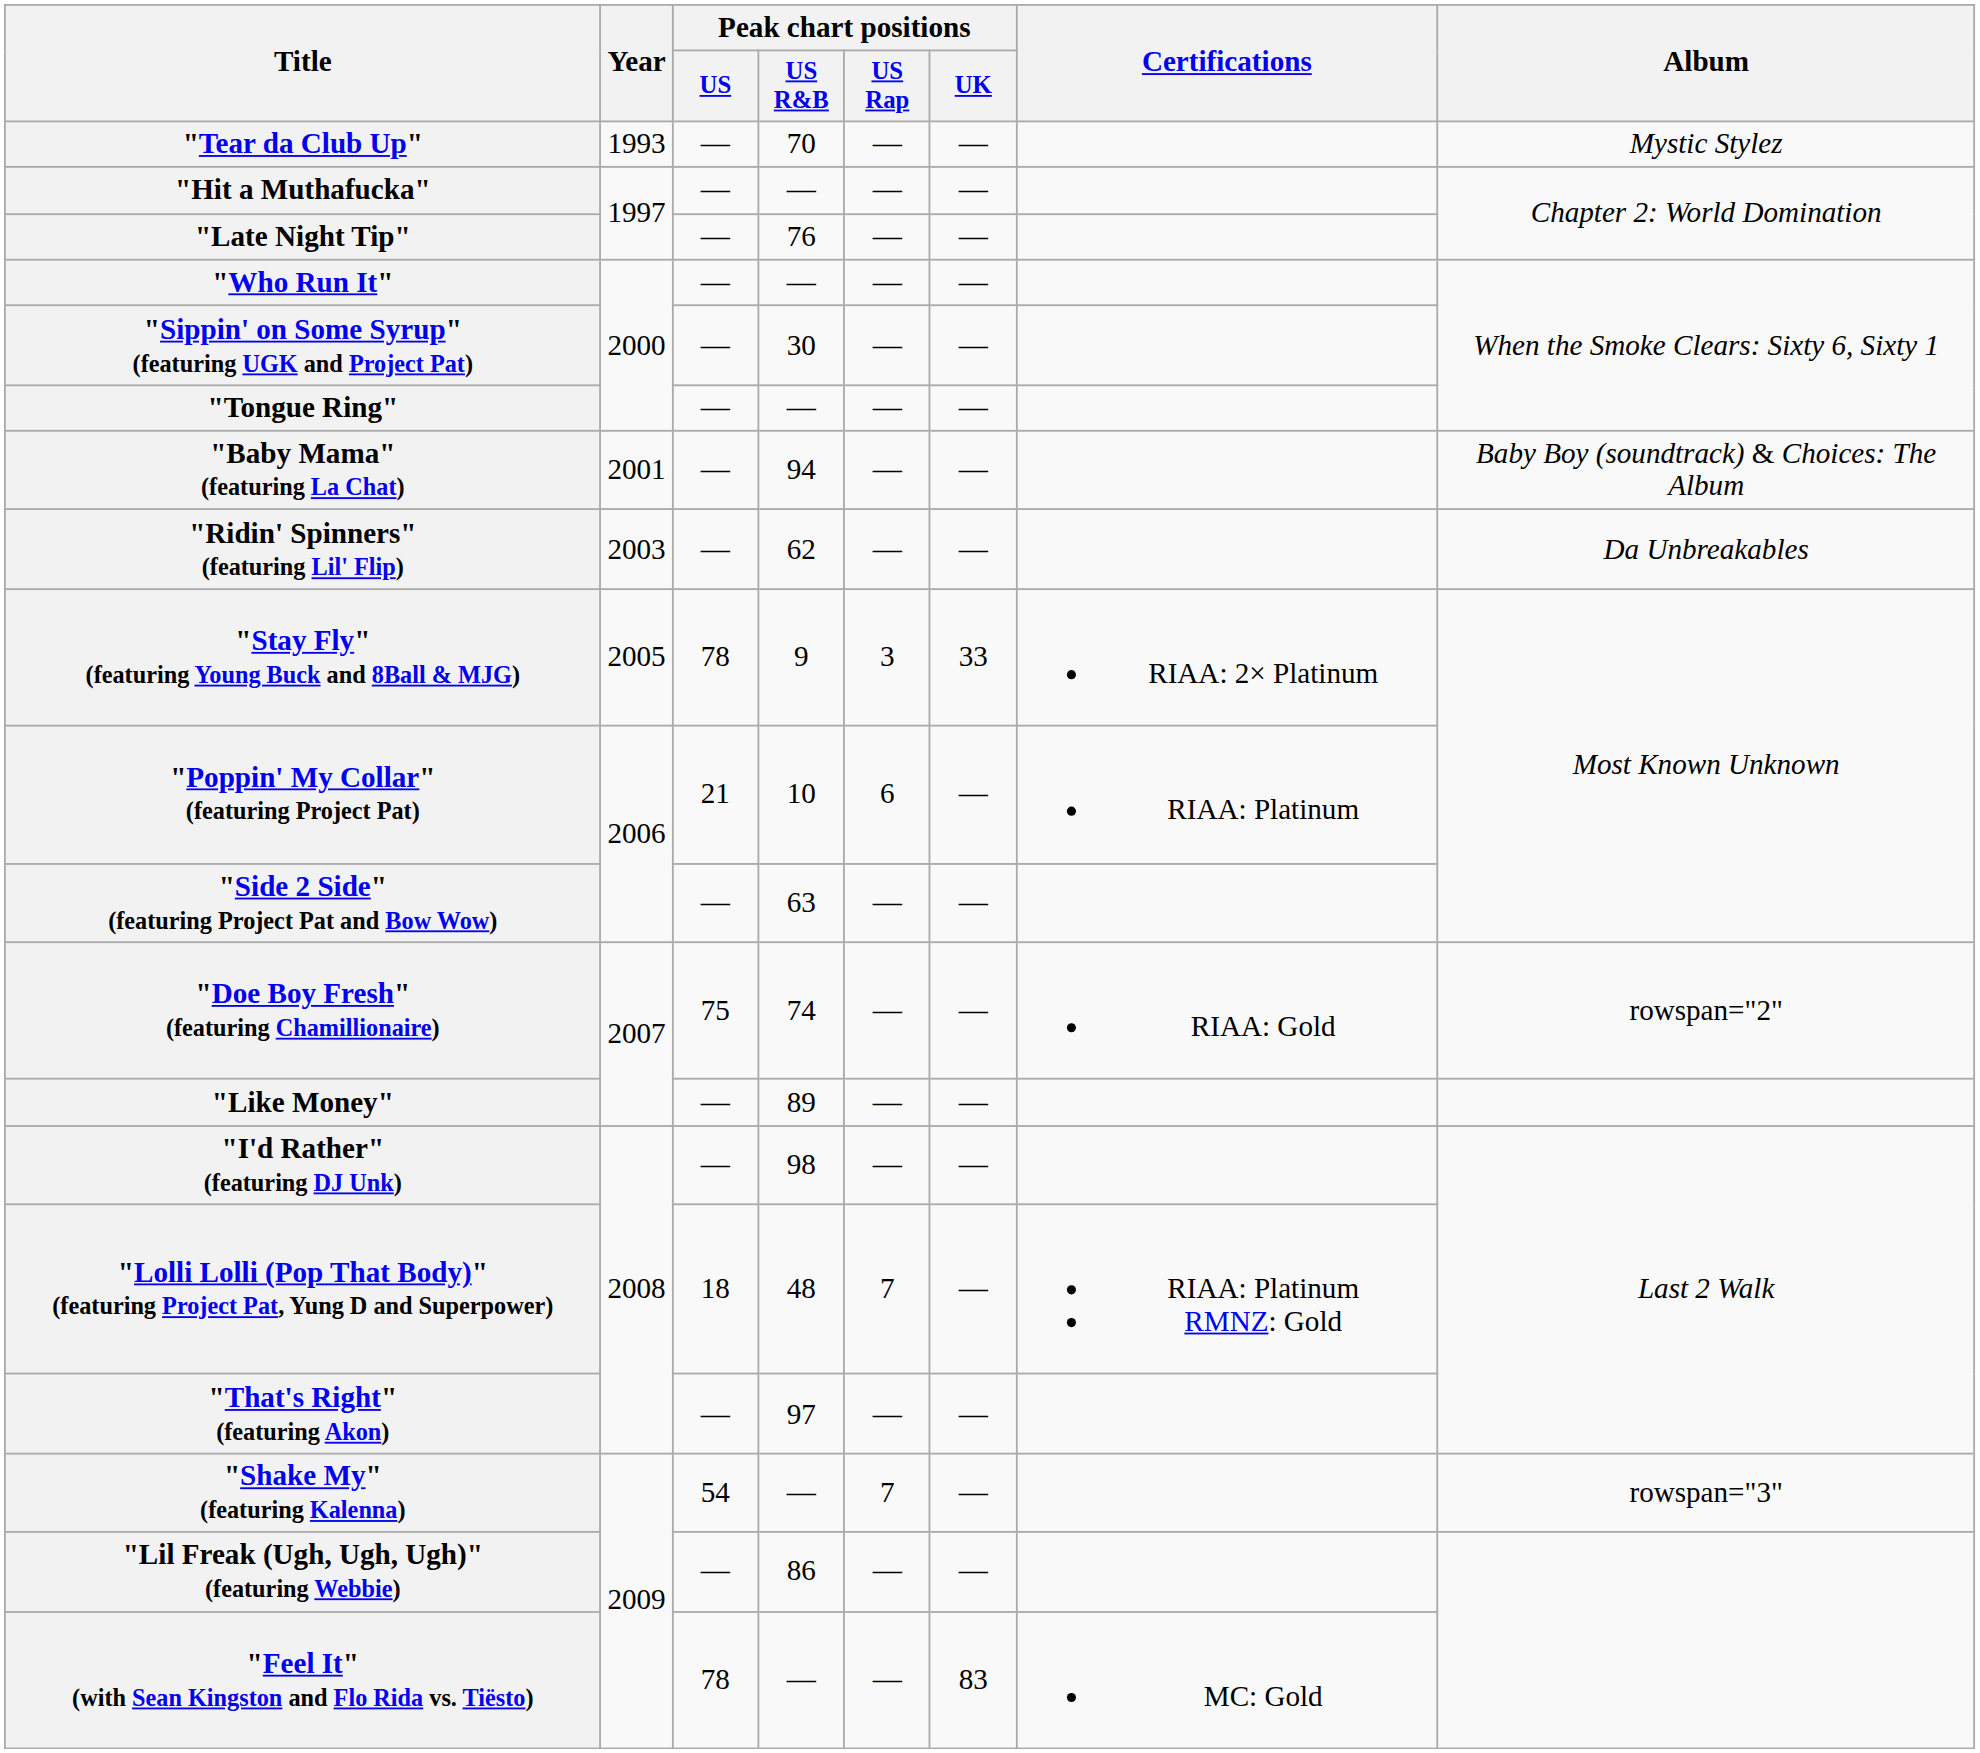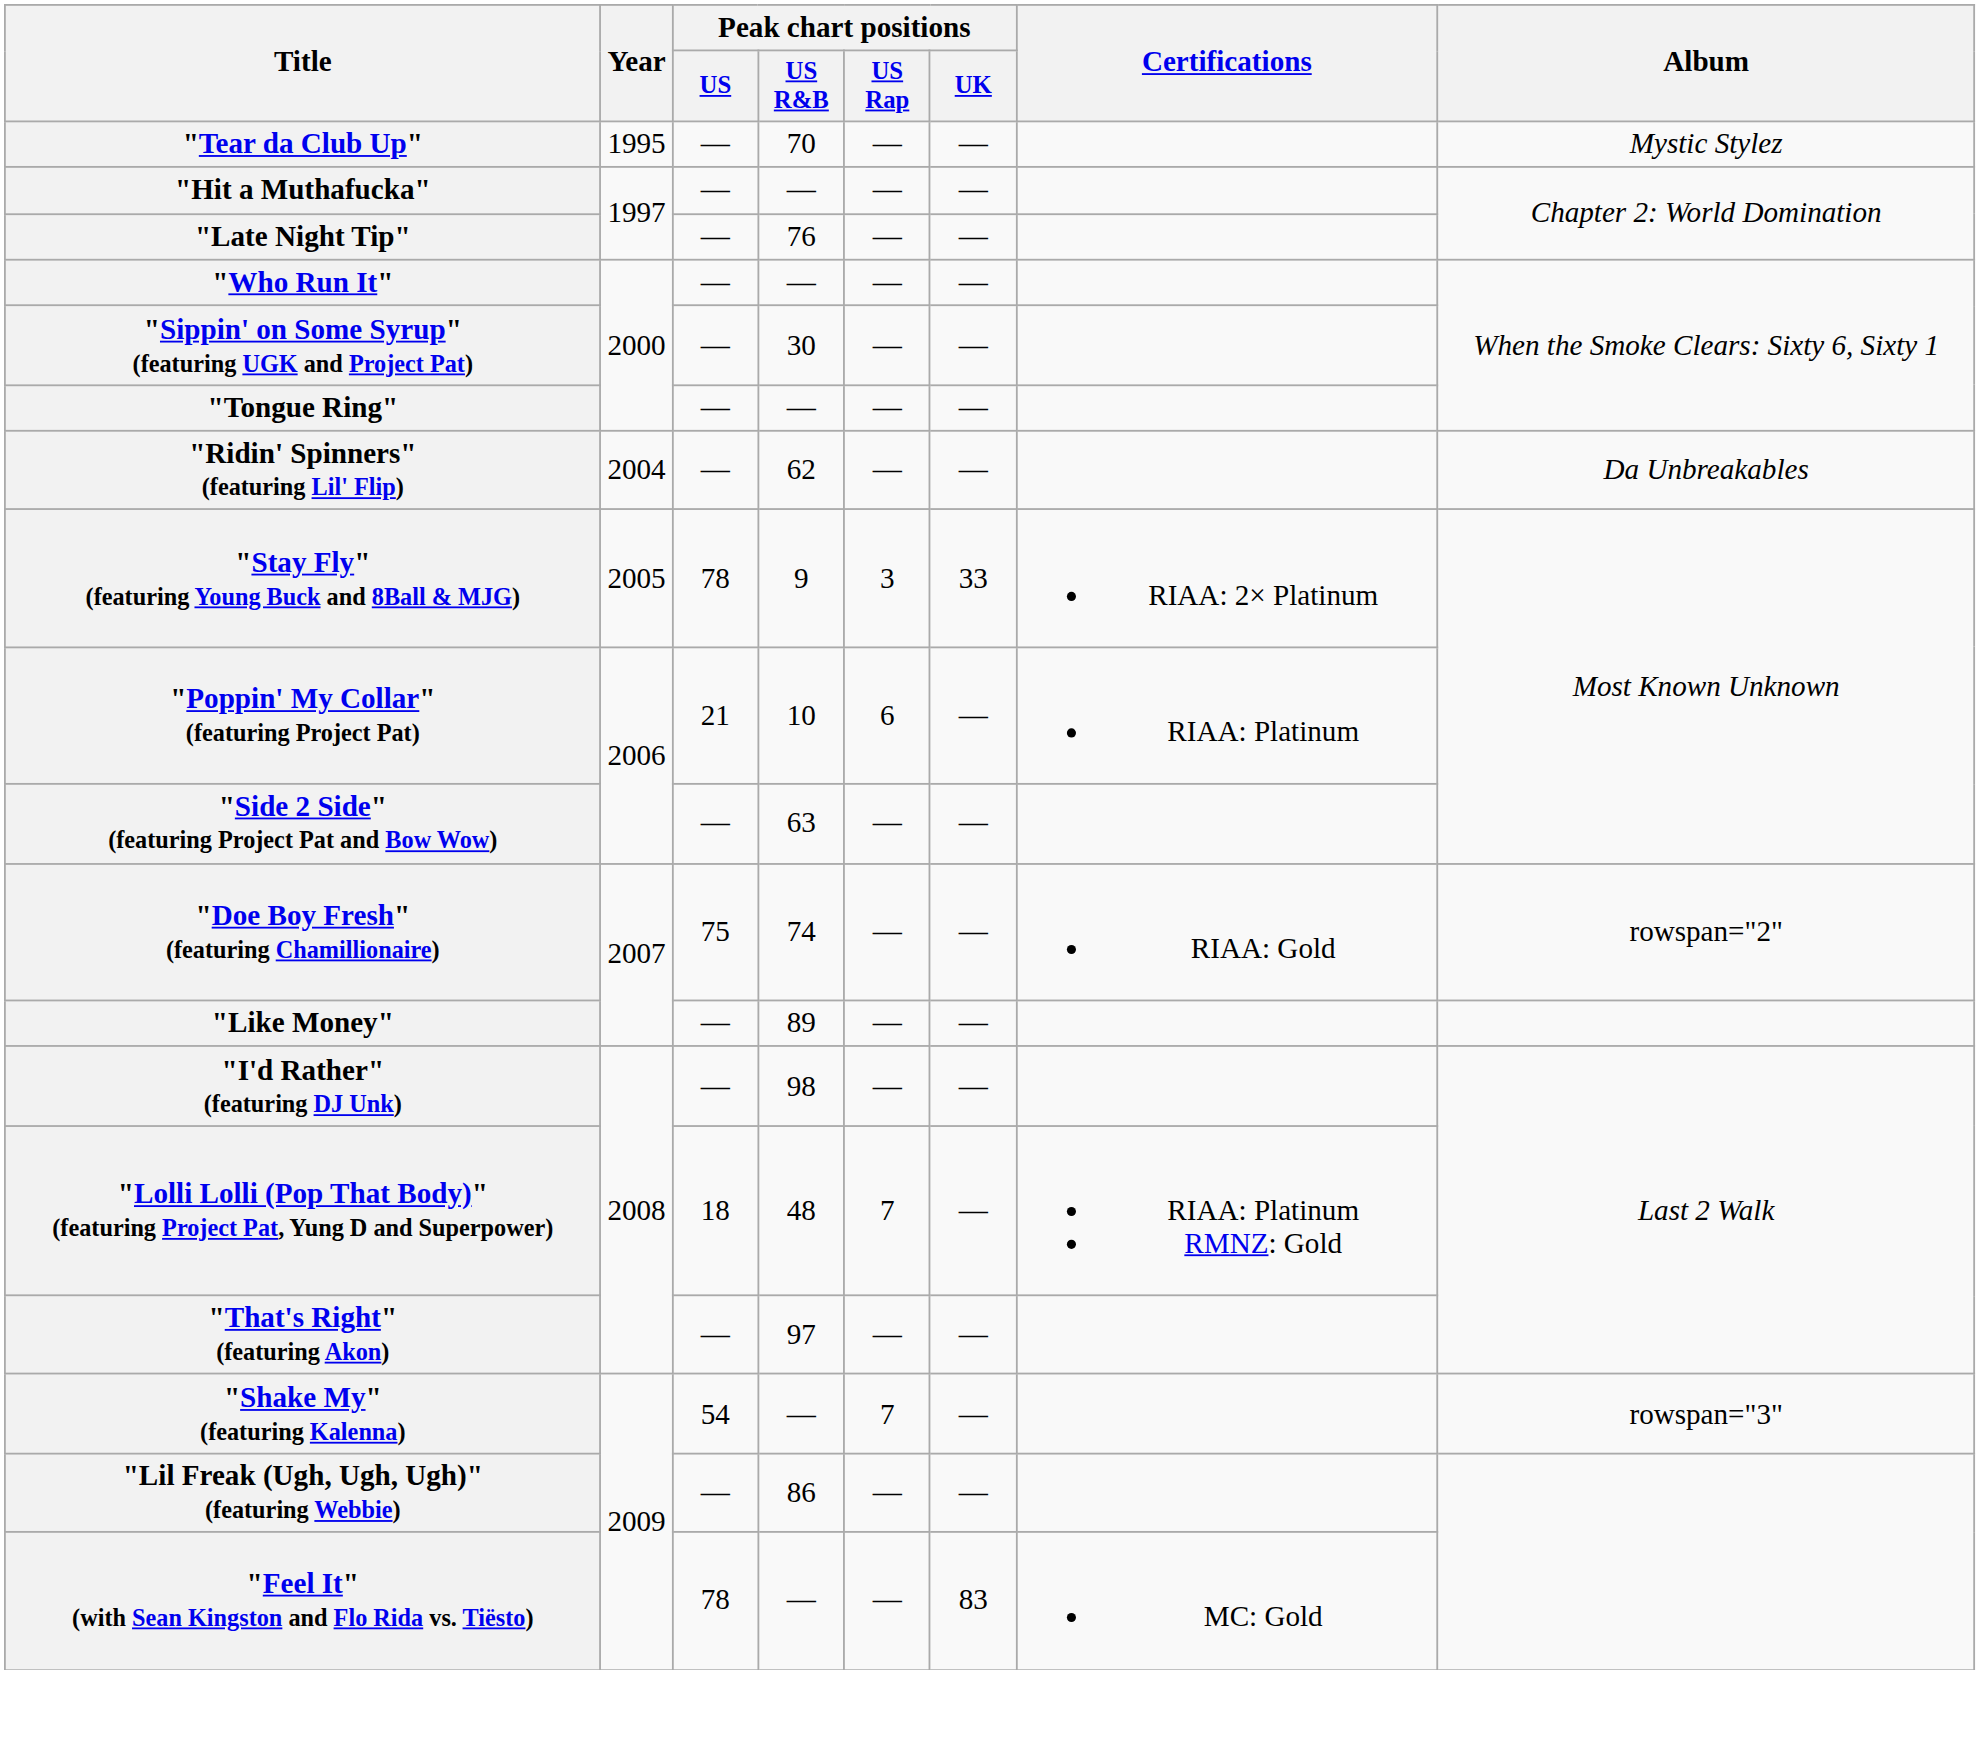 <table class="wikitable plainrowheaders" style="text-align:center;" border="1">
 <tr>
 <th scope="col" rowspan="2" style="width:20em;">Title</th>
 <th scope="col" rowspan="2" style="width:1em;">Year</th>
 <th scope="col" colspan="4">Peak chart positions</th>
 <th scope="col" rowspan="2" style="width:14em;"><a href='#'>Certifications</a></th>
 <th scope="col" rowspan="2" style="width:18em;">Album</th>
 </tr>
 <tr>
 <th scope="col" style="width:3em;font-size:85%;"><a href='#'>US</a><br></th>
 <th scope="col" style="width:3em;font-size:85%;"><a href='#'>US<br>R&B</a><br></th>
 <th scope="col" style="width:3em;font-size:85%;"><a href='#'>US<br>Rap</a><br></th>
 <th scope="col" style="width:3em;font-size:85%;"><a href='#'>UK</a><br></th>
 </tr>
 <tr>
 <th scope="row">"<a href='#'>Tear da Club Up</a>"</th>
-<td>1993</td>
+<td>1995</td>
 <td>—</td>
 <td>70</td>
 <td>—</td>
 <td>—</td>
 <td></td>
 <td><em>Mystic Stylez</em></td>
 </tr>
 <tr>
 <th scope="row">"Hit a Muthafucka"</th>
 <td rowspan="2">1997</td>
 <td>—</td>
 <td>—</td>
 <td>—</td>
 <td>—</td>
 <td></td>
 <td rowspan="2"><em>Chapter 2: World Domination</em></td>
 </tr>
 <tr>
 <th scope="row">"Late Night Tip"</th>
 <td>—</td>
 <td>76</td>
 <td>—</td>
 <td>—</td>
 <td></td>
 </tr>
 <tr>
 <th scope="row">"<a href='#'>Who Run It</a>"</th>
 <td rowspan="3">2000</td>
 <td>—</td>
 <td>—</td>
 <td>—</td>
 <td>—</td>
 <td></td>
 <td rowspan="3"><em>When the Smoke Clears: Sixty 6, Sixty 1</em></td>
 </tr>
 <tr>
 <th scope="row">"<a href='#'>Sippin' on Some Syrup</a>"<br><small>(featuring <a href='#'>UGK</a> and <a href='#'>Project Pat</a>)</small></th>
 <td>—</td>
 <td>30</td>
 <td>—</td>
 <td>—</td>
 <td></td>
 </tr>
 <tr>
 <th scope="row">"Tongue Ring"</th>
 <td>—</td>
 <td>—</td>
 <td>—</td>
 <td>—</td>
 <td></td>
 </tr>
 <tr>
-<th scope="row">"Baby Mama"<br><small>(featuring <a href='#'>La Chat</a>)</small></th>
-<td>2001</td>
-<td>—</td>
-<td>94</td>
-<td>—</td>
-<td>—</td>
-<td></td>
-<td><em>Baby Boy (soundtrack)</em> & <em>Choices: The Album</em></td>
-</tr>
-<tr>
 <th scope="row">"Ridin' Spinners"<br><small>(featuring <a href='#'>Lil' Flip</a>)</small></th>
-<td>2003</td>
+<td>2004</td>
 <td>—</td>
 <td>62</td>
 <td>—</td>
 <td>—</td>
 <td></td>
 <td><em>Da Unbreakables</em></td>
 </tr>
 <tr>
 <th scope="row">"<a href='#'>Stay Fly</a>"<br><small>(featuring <a href='#'>Young Buck</a> and <a href='#'>8Ball & MJG</a>)</small></th>
 <td>2005</td>
 <td>78</td>
 <td>9</td>
 <td>3</td>
 <td>33</td>
 <td><br><ul><li>RIAA: 2× Platinum</li></ul></td>
 <td rowspan="3"><em>Most Known Unknown</em></td>
 </tr>
 <tr>
 <th scope="row">"<a href='#'>Poppin' My Collar</a>"<br><small>(featuring Project Pat)</small></th>
 <td rowspan="2">2006</td>
 <td>21</td>
 <td>10</td>
 <td>6</td>
 <td>—</td>
 <td><br><ul><li>RIAA: Platinum</li></ul></td>
 </tr>
 <tr>
 <th scope="row">"<a href='#'>Side 2 Side</a>"<br><small>(featuring Project Pat and <a href='#'>Bow Wow</a>)</small></th>
 <td>—</td>
 <td>63</td>
 <td>—</td>
 <td>—</td>
 <td></td>
 </tr>
 <tr>
 <th scope="row">"<a href='#'>Doe Boy Fresh</a>"<br><small>(featuring <a href='#'>Chamillionaire</a>)</small></th>
 <td rowspan="2">2007</td>
 <td>75</td>
 <td>74</td>
 <td>—</td>
 <td>—</td>
 <td><br><ul><li>RIAA: Gold</li></ul></td>
 <td>rowspan="2" </td>
 </tr>
 <tr>
 <th scope="row">"Like Money"</th>
 <td>—</td>
 <td>89</td>
 <td>—</td>
 <td>—</td>
 <td></td>
 </tr>
 <tr>
 <th scope="row">"I'd Rather"<br><small>(featuring <a href='#'>DJ Unk</a>)</small></th>
 <td rowspan="3">2008</td>
 <td>—</td>
 <td>98</td>
 <td>—</td>
 <td>—</td>
 <td></td>
 <td rowspan="3"><em>Last 2 Walk</em></td>
 </tr>
 <tr>
 <th scope="row">"<a href='#'>Lolli Lolli (Pop That Body)</a>"<br><small>(featuring <a href='#'>Project Pat</a>, Yung D and Superpower)</small></th>
 <td>18</td>
 <td>48</td>
 <td>7</td>
 <td>—</td>
 <td><br><ul><li>RIAA: Platinum</li><li><a href='#'>RMNZ</a>: Gold</li></ul></td>
 </tr>
 <tr>
 <th scope="row">"<a href='#'>That's Right</a>"<br><small>(featuring <a href='#'>Akon</a>)</small></th>
 <td>—</td>
 <td>97</td>
 <td>—</td>
 <td>—</td>
 <td></td>
 </tr>
 <tr>
 <th scope="row">"<a href='#'>Shake My</a>"<br><small>(featuring <a href='#'>Kalenna</a>)</small></th>
 <td rowspan="3">2009</td>
 <td>54</td>
 <td>—</td>
 <td>7</td>
 <td>—</td>
 <td></td>
 <td>rowspan="3" </td>
 </tr>
 <tr>
 <th scope="row">"Lil Freak (Ugh, Ugh, Ugh)"<br><small>(featuring <a href='#'>Webbie</a>)</small></th>
 <td>—</td>
 <td>86</td>
 <td>—</td>
 <td>—</td>
 <td></td>
 </tr>
 <tr>
 <th scope="row">"<a href='#'>Feel It</a>"<br><small>(with <a href='#'>Sean Kingston</a> and <a href='#'>Flo Rida</a> vs. <a href='#'>Tiësto</a>)</small></th>
 <td>78</td>
 <td>—</td>
 <td>—</td>
 <td>83</td>
 <td><br><ul><li>MC: Gold</li></ul></td>
 </tr>
 </table>
